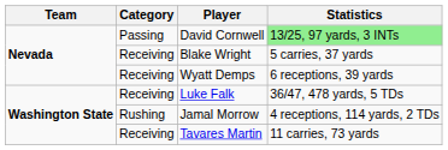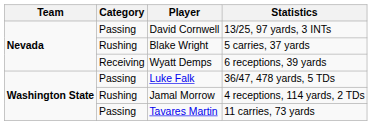 <table class="wikitable" style="float: left;">
 <tr>
 <th>Team</th>
 <th>Category</th>
 <th>Player</th>
 <th>Statistics</th>
 </tr>
 <tr>
 <td rowspan=3><strong>Nevada</strong></td>
 <td>Passing</td>
 <td>David Cornwell</td>
-<td style="background: lightgreen;">13/25, 97 yards, 3 INTs</td>
+<td>13/25, 97 yards, 3 INTs</td>
 </tr>
 <tr>
-<td>Receiving</td>
+<td>Rushing</td>
 <td>Blake Wright</td>
 <td>5 carries, 37 yards</td>
 </tr>
 <tr>
 <td>Receiving</td>
 <td>Wyatt Demps</td>
 <td>6 receptions, 39 yards</td>
 </tr>
 <tr>
 <td rowspan=3><strong>Washington State</strong></td>
-<td>Receiving</td>
+<td>Passing</td>
 <td><a href='#'>Luke Falk</a></td>
 <td>36/47, 478 yards, 5 TDs</td>
 </tr>
 <tr>
 <td>Rushing</td>
 <td>Jamal Morrow</td>
 <td>4 receptions, 114 yards, 2 TDs</td>
 </tr>
 <tr>
-<td>Receiving</td>
+<td>Passing</td>
 <td><a href='#'>Tavares Martin</a></td>
 <td>11 carries, 73 yards</td>
 </tr>
 </table>
